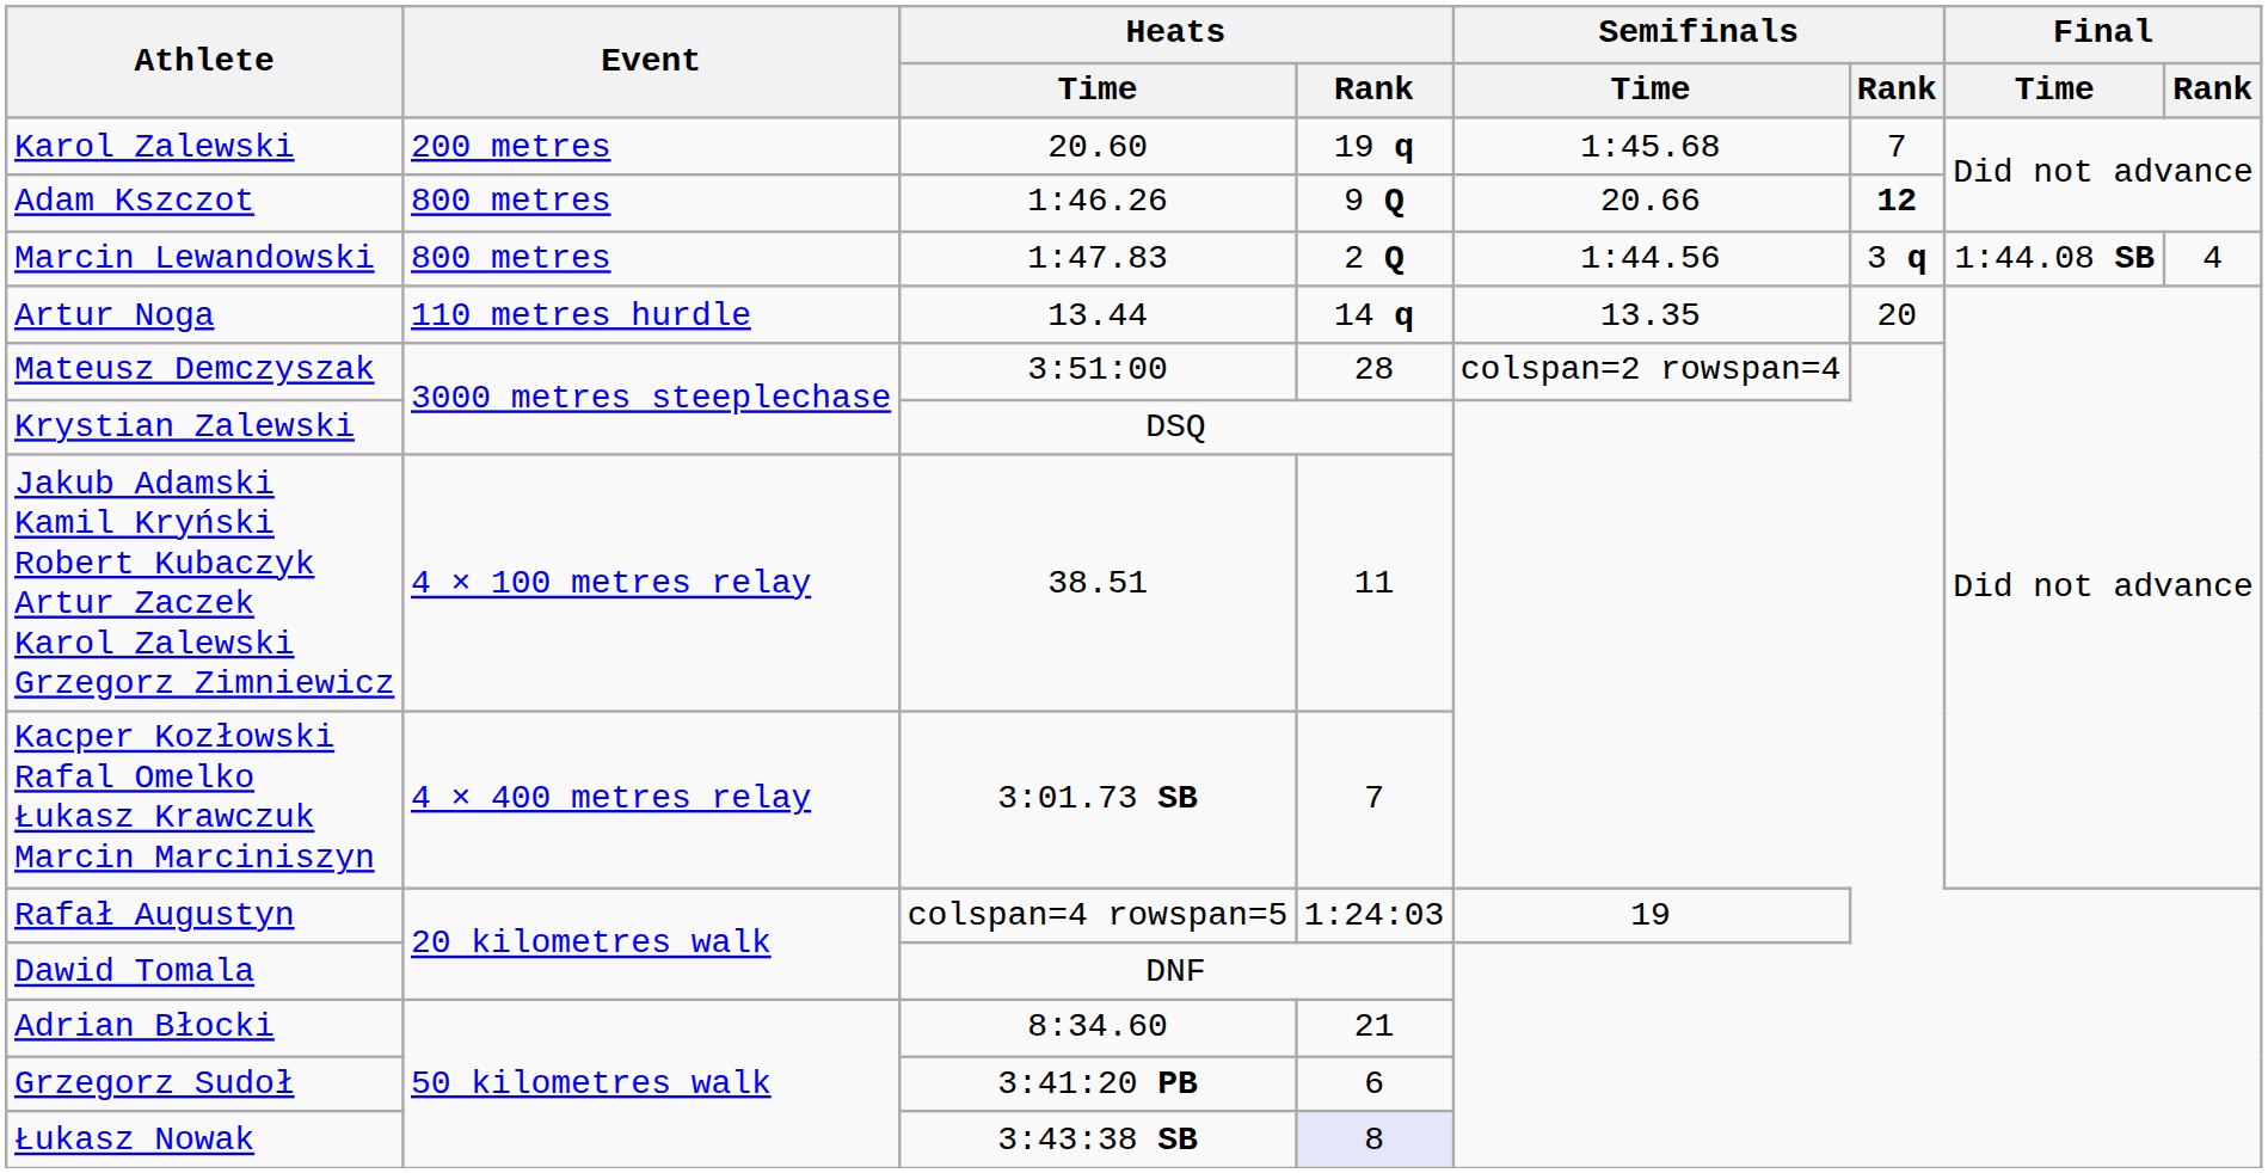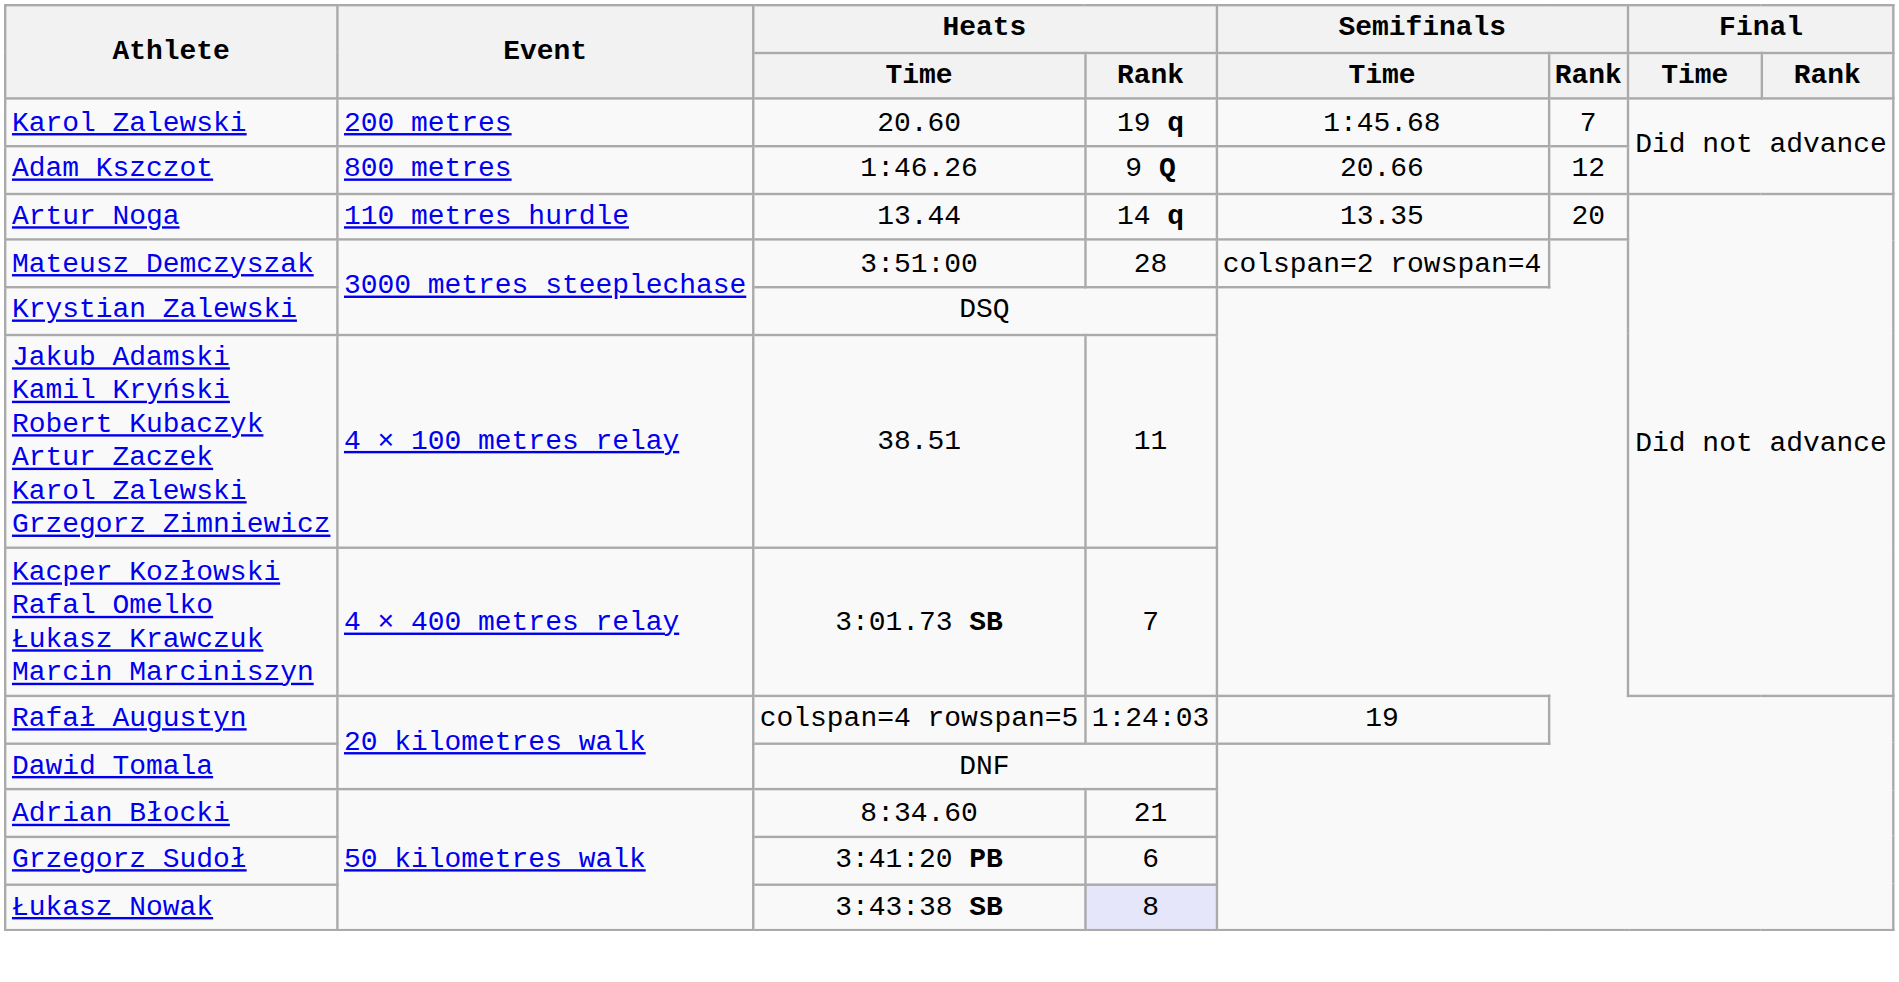 <table class=wikitable style="font-size:90%;">
 <tr>
 <th rowspan="2">Athlete</th>
 <th rowspan="2">Event</th>
 <th colspan="2">Heats</th>
 <th colspan="2">Semifinals</th>
 <th colspan="2">Final</th>
 </tr>
 <tr>
 <th>Time</th>
 <th>Rank</th>
 <th>Time</th>
 <th>Rank</th>
 <th>Time</th>
 <th>Rank</th>
 </tr>
 <tr style="border-top: single;">
 <td><a href='#'>Karol Zalewski</a></td>
 <td><a href='#'>200 metres</a></td>
 <td align=center>20.60</td>
 <td align=center>19 <strong>q</strong></td>
 <td align=center>1:45.68</td>
 <td align=center>7</td>
 <td colspan=2 rowspan=2 align=center>Did not advance</td>
 </tr>
 <tr style="border-top: single;">
 <td><a href='#'>Adam Kszczot</a></td>
 <td><a href='#'>800 metres</a></td>
 <td align=center>1:46.26</td>
 <td align=center>9 <strong>Q</strong></td>
 <td align=center>20.66</td>
-<td align=center><strong>12</strong></td>
-</tr>
-<tr style="border-top: single;">
-<td><a href='#'>Marcin Lewandowski</a></td>
-<td><a href='#'>800 metres</a></td>
-<td align=center>1:47.83</td>
-<td align=center>2 <strong>Q</strong></td>
-<td align=center>1:44.56</td>
-<td align=center>3 <strong>q</strong></td>
-<td align=center>1:44.08 <strong>SB</strong></td>
-<td align=center>4</td>
+<td align=center>12</td>
 </tr>
 <tr style="border-top: single;">
 <td><a href='#'>Artur Noga</a></td>
 <td><a href='#'>110 metres hurdle</a></td>
 <td align=center>13.44</td>
 <td align=center>14 <strong>q</strong></td>
 <td align=center>13.35</td>
 <td align=center>20</td>
 <td colspan=2 rowspan=5 align=center>Did not advance</td>
 </tr>
 <tr style="border-top: single;">
 <td><a href='#'>Mateusz Demczyszak</a></td>
 <td rowspan=2><a href='#'>3000 metres steeplechase</a></td>
 <td align=center>3:51:00</td>
 <td align=center>28</td>
 <td>colspan=2 rowspan=4 </td>
 </tr>
 <tr style="border-top: single;">
 <td><a href='#'>Krystian Zalewski</a></td>
 <td align=center colspan=2>DSQ</td>
 </tr>
 <tr style="border-top: single;">
 <td><a href='#'>Jakub Adamski</a><br><a href='#'>Kamil Kryński</a><br><a href='#'>Robert Kubaczyk</a><br><a href='#'>Artur Zaczek</a><br><a href='#'>Karol Zalewski</a><br><a href='#'>Grzegorz Zimniewicz</a></td>
 <td><a href='#'>4 × 100 metres relay</a></td>
 <td align=center>38.51</td>
 <td align=center>11</td>
 </tr>
 <tr style="border-top: single;">
 <td><a href='#'>Kacper Kozłowski</a><br><a href='#'>Rafal Omelko</a><br><a href='#'>Łukasz Krawczuk</a><br><a href='#'>Marcin Marciniszyn</a></td>
 <td><a href='#'>4 × 400 metres relay</a></td>
 <td align=center>3:01.73 <strong>SB</strong></td>
 <td align=center>7</td>
 </tr>
 <tr style="border-top: single;">
 <td><a href='#'>Rafał Augustyn</a></td>
 <td rowspan=2><a href='#'>20 kilometres walk</a></td>
 <td>colspan=4 rowspan=5 </td>
 <td align=center>1:24:03</td>
 <td align=center>19</td>
 </tr>
 <tr style="border-top: single;">
 <td><a href='#'>Dawid Tomala</a></td>
 <td colspan=2 align=center>DNF</td>
 </tr>
 <tr style="border-top: single;">
 <td><a href='#'>Adrian Błocki</a></td>
 <td rowspan=3><a href='#'>50 kilometres walk</a></td>
 <td align=center>8:34.60</td>
 <td align=center>21</td>
 </tr>
 <tr style="border-top: single;">
 <td><a href='#'>Grzegorz Sudoł</a></td>
 <td align=center>3:41:20 <strong>PB</strong></td>
 <td align=center>6</td>
 </tr>
 <tr style="border-top: single;">
 <td><a href='#'>Łukasz Nowak</a></td>
 <td align=center>3:43:38 <strong>SB</strong></td>
 <td align=center style="background: lavender;">8</td>
 </tr>
 </table>
